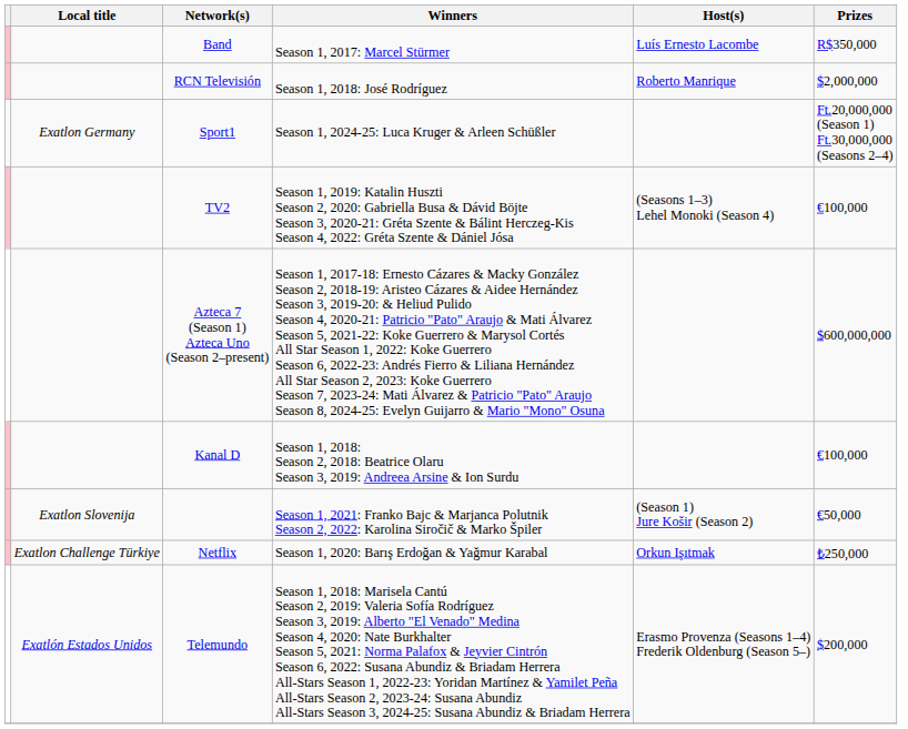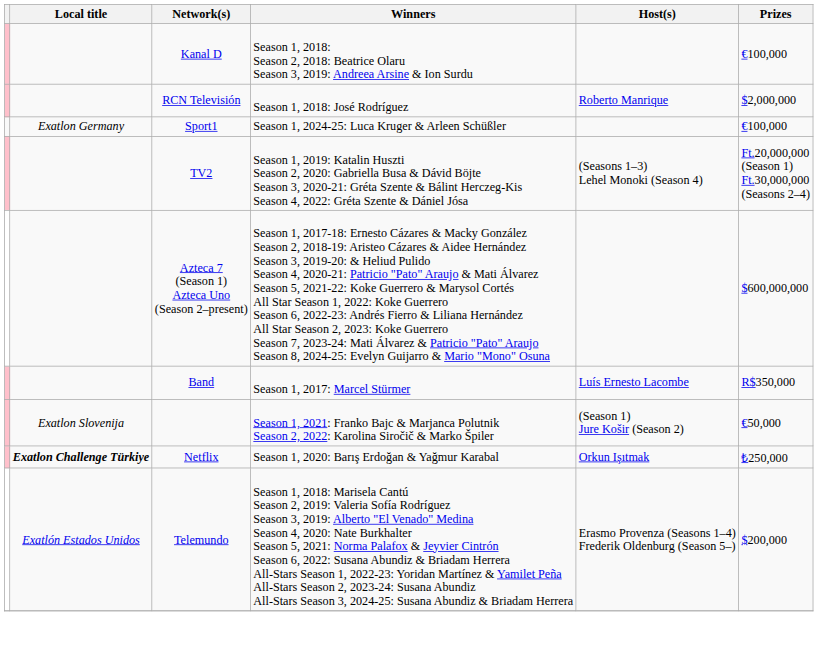 <table class="wikitable plainrowheaders">
 <tr>
 <th scope="col"></th>
 <th scope="col">Local title</th>
 <th scope="col">Network(s)</th>
 <th scope="col">Winners</th>
 <th scope="col">Host(s)</th>
 <th scope="col">Prizes</th>
 </tr>
 <tr>
 <td scope="row" style="background:#FFC0CB;"></td>
 <td style="text-align:center;"><em></em><br><small></small></td>
-<td style="text-align:center;"><a href='#'>Band</a></td>
-<td><br>Season 1, 2017: <a href='#'>Marcel Stürmer</a></td>
-<td><a href='#'>Luís Ernesto Lacombe</a></td>
-<td><a href='#'>R$</a>350,000</td>
+<td style="text-align:center;"><a href='#'>Kanal D</a></td>
+<td><br>Season 1, 2018: <br> Season 2, 2018: Beatrice Olaru<br> Season 3, 2019: <a href='#'>Andreea Arsine</a> & Ion Surdu</td>
+<td></td>
+<td><a href='#'>€</a>100,000</td>
 </tr>
 <tr>
 <td scope="row" style="background:#FFC0CB;"></td>
 <td style="text-align:center;"><em></em><br><small></small></td>
 <td style="text-align:center;"><a href='#'>RCN Televisión</a></td>
 <td><br>Season 1, 2018: José Rodríguez</td>
 <td><a href='#'>Roberto Manrique</a></td>
 <td><a href='#'>$</a>2,000,000</td>
 </tr>
 <tr>
 <td scope="row" style="background: FFFFFF;"></td>
 <td style="text-align:center;"><em>Exatlon Germany</em><br><small></small></td>
 <td style="text-align:center;"><a href='#'>Sport1</a></td>
 <td>Season 1, 2024-25: Luca Kruger & Arleen Schüßler</td>
 <td></td>
-<td><a href='#'>Ft.</a>20,000,000<br>(Season 1)<br><a href='#'>Ft.</a>30,000,000<br>(Seasons 2–4)</td>
+<td><a href='#'>€</a>100,000</td>
 </tr>
 <tr>
 <td scope="row" style="background:#FFC0CB;"></td>
 <td style="text-align:center;"><em></em></td>
 <td style="text-align:center;"><a href='#'>TV2</a></td>
 <td><br>Season 1, 2019: Katalin Huszti<br> Season 2, 2020: Gabriella Busa & Dávid Böjte<br> Season 3, 2020-21: Gréta Szente & Bálint Herczeg-Kis<br> Season 4, 2022: Gréta Szente & Dániel Jósa<br></td>
 <td> (Seasons 1–3)<br>Lehel Monoki (Season 4)</td>
-<td><a href='#'>€</a>100,000</td>
+<td><a href='#'>Ft.</a>20,000,000<br>(Season 1)<br><a href='#'>Ft.</a>30,000,000<br>(Seasons 2–4)</td>
 </tr>
 <tr>
 <td scope="row" style="background:#FFFFFF;"></td>
 <td style="text-align:center;"><em></em><br><small></small></td>
 <td style="text-align:center;"><a href='#'>Azteca 7</a><br>(Season 1)<br><a href='#'>Azteca Uno</a><br>(Season 2–present)</td>
 <td><br>Season 1, 2017-18: Ernesto Cázares & Macky González <br> Season 2, 2018-19: Aristeo Cázares & Aidee Hernández<br>  Season 3, 2019-20:  & Heliud Pulido<br>  Season 4, 2020-21: <a href='#'>Patricio "Pato" Araujo</a> & Mati Álvarez<br> Season 5, 2021-22: Koke Guerrero & Marysol Cortés<br> All Star Season 1, 2022: Koke Guerrero<br> Season 6, 2022-23: Andrés Fierro & Liliana Hernández<br> All Star Season 2, 2023: Koke Guerrero<br> Season 7, 2023-24: Mati Álvarez & <a href='#'>Patricio "Pato" Araujo</a><br> Season 8, 2024-25: Evelyn Guijarro & <a href='#'>Mario "Mono" Osuna</a></td>
 <td></td>
 <td><a href='#'>$</a>600,000,000</td>
 </tr>
 <tr>
 <td scope="row" style="background:#FFC0CB;"></td>
 <td style="text-align:center;"><em></em><br><small></small></td>
-<td style="text-align:center;"><a href='#'>Kanal D</a></td>
-<td><br>Season 1, 2018: <br> Season 2, 2018: Beatrice Olaru<br> Season 3, 2019: <a href='#'>Andreea Arsine</a> & Ion Surdu</td>
-<td></td>
-<td><a href='#'>€</a>100,000</td>
+<td style="text-align:center;"><a href='#'>Band</a></td>
+<td><br>Season 1, 2017: <a href='#'>Marcel Stürmer</a></td>
+<td><a href='#'>Luís Ernesto Lacombe</a></td>
+<td><a href='#'>R$</a>350,000</td>
 </tr>
 <tr>
 <td scope="row" style="background:#FFC0CB;"><br><small></small></td>
 <td style="text-align:center;"><em>Exatlon Slovenija</em><br><small></small></td>
 <td style="text-align:center;"></td>
 <td><br><a href='#'>Season 1, 2021</a>: Franko Bajc & Marjanca Polutnik<br> <a href='#'>Season 2, 2022</a>: Karolina Siročič & Marko Špiler</td>
 <td> (Season 1)<br><a href='#'>Jure Košir</a> (Season 2)</td>
 <td><a href='#'>€</a>50,000</td>
 </tr>
 <tr>
 <td scope="row" style="background:#FFC0CB;"><br><small></small></td>
-<td style="text-align:center;"><em>Exatlon Challenge Türkiye</em><br><small></small></td>
+<td style="text-align:center;"><strong><em>Exatlon Challenge Türkiye</em><br><small></small></strong></td>
 <td style="text-align:center;"><a href='#'>Netflix</a></td>
 <td>Season 1, 2020: Barış Erdoğan & Yağmur Karabal<br></td>
 <td><a href='#'>Orkun Işıtmak</a></td>
 <td><a href='#'>₺</a>250,000</td>
 </tr>
 <tr>
 <td scope="row" style="background:#FFFFFF"><br></td>
 <td style="text-align:center;"><em><a href='#'>Exatlón Estados Unidos</a></em><br><small></small></td>
 <td style="text-align:center;"><a href='#'>Telemundo</a></td>
 <td><br>Season 1, 2018: Marisela Cantú<br> Season 2, 2019: Valeria Sofía Rodríguez<br>  Season 3, 2019: <a href='#'>Alberto "El Venado" Medina</a><br>  Season 4, 2020: Nate Burkhalter<br> Season 5, 2021: <a href='#'>Norma Palafox</a> & <a href='#'>Jeyvier Cintrón</a><br> Season 6, 2022: Susana Abundiz & Briadam Herrera<br> All-Stars Season 1, 2022-23: Yoridan Martínez & <a href='#'>Yamilet Peña</a><br> All-Stars Season 2, 2023-24: Susana Abundiz<br> All-Stars Season 3, 2024-25: Susana Abundiz & Briadam Herrera</td>
 <td>Erasmo Provenza (Seasons 1–4)<br>Frederik Oldenburg (Season 5–)</td>
 <td><a href='#'>$</a>200,000</td>
 </tr>
 <tr>
 </tr>
 </table>
